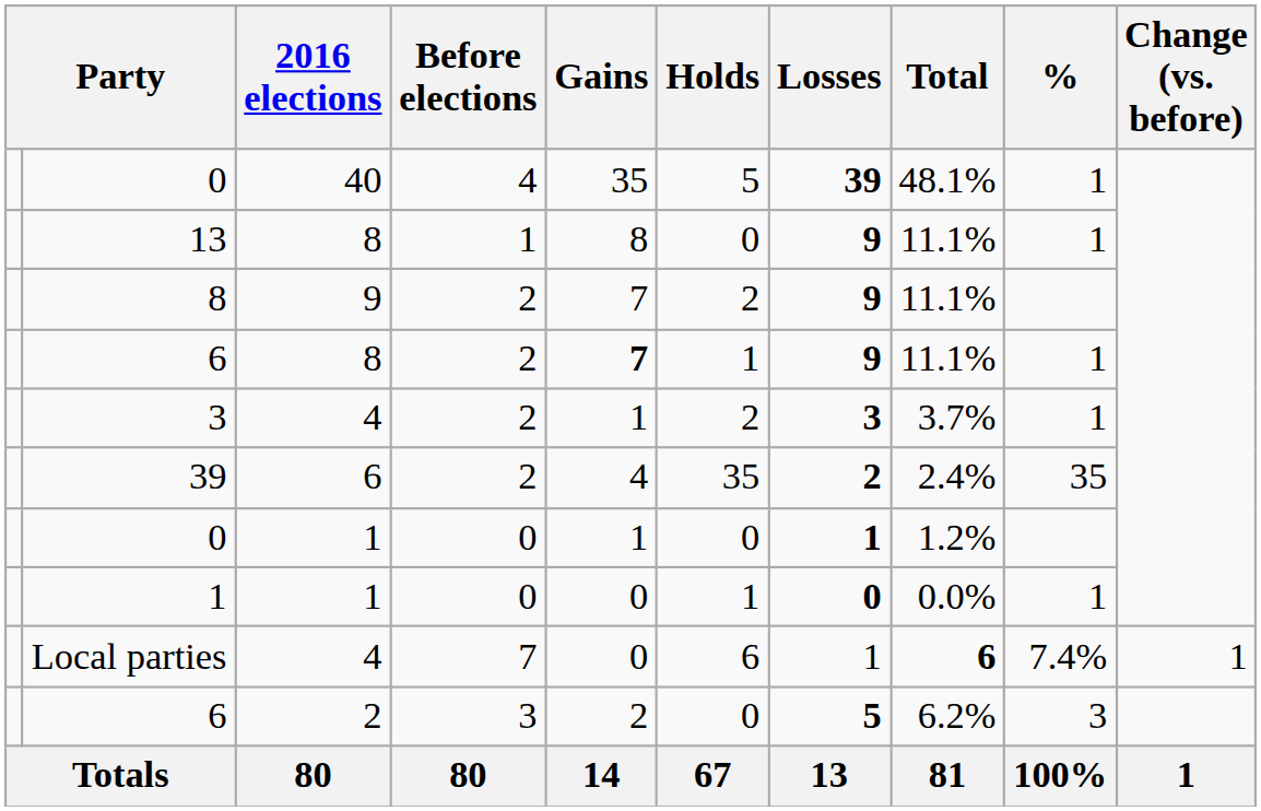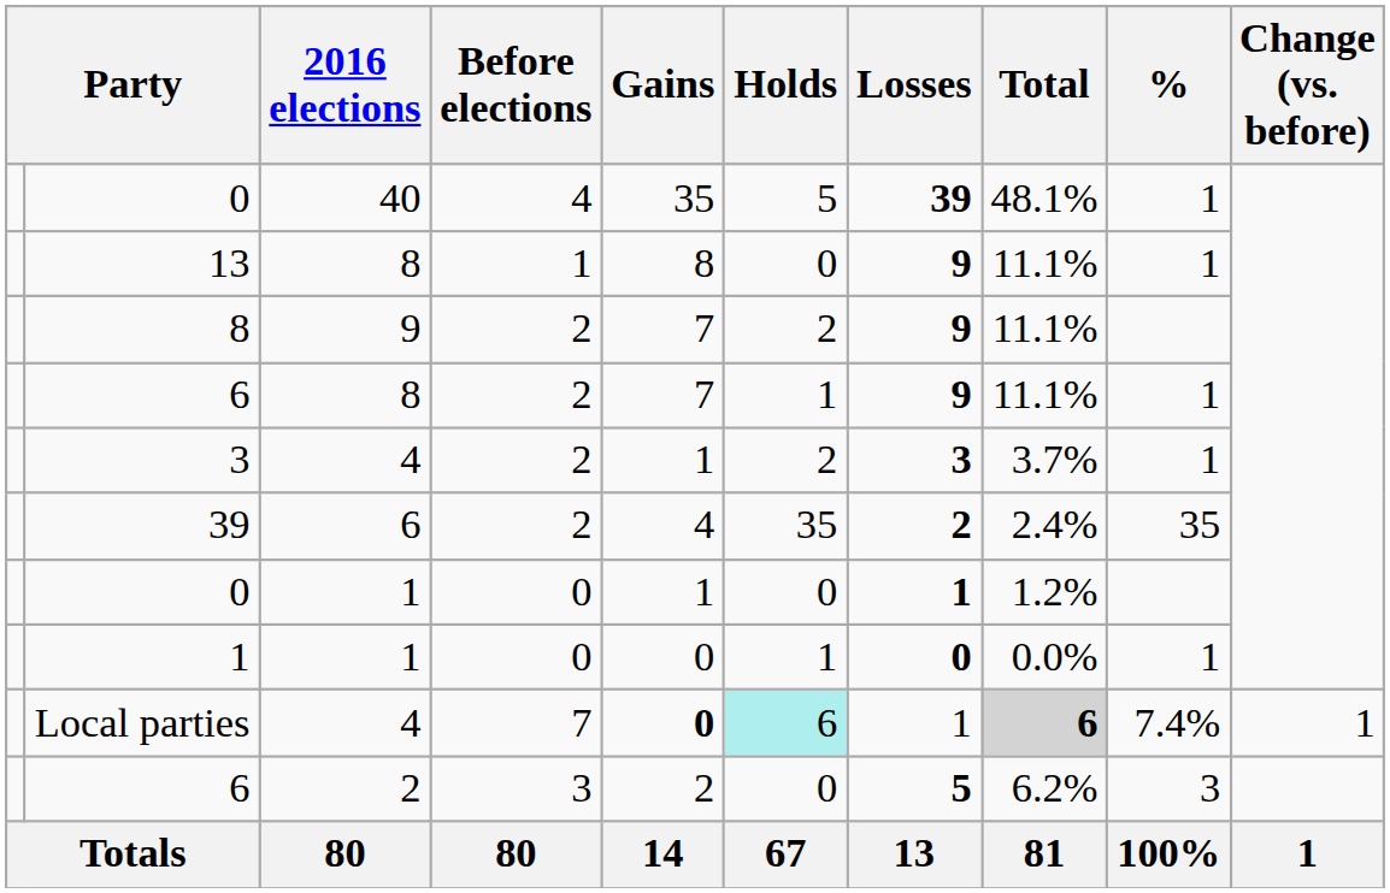 <table class=wikitable style="text-align:right">
 <tr>
 <th colspan=2>Party</th>
 <th width=40px><a href='#'>2016 elections</a></th>
 <th width=40px>Before elections</th>
 <th width=40px>Gains</th>
 <th width=40px>Holds</th>
 <th width=40px>Losses</th>
 <th width=40px>Total</th>
 <th width=40px>%</th>
 <th width=40px>Change (vs. before)</th>
 </tr>
 <tr>
 <td></td>
 <td>0</td>
 <td>40</td>
 <td>4</td>
 <td>35</td>
 <td>5</td>
 <td><strong>39</strong></td>
 <td>48.1%</td>
 <td> 1</td>
 </tr>
 <tr>
 <td></td>
 <td>13</td>
 <td>8</td>
 <td>1</td>
 <td>8</td>
 <td>0</td>
 <td><strong>9</strong></td>
 <td>11.1%</td>
 <td> 1</td>
 </tr>
 <tr>
 <td></td>
 <td>8</td>
 <td>9</td>
 <td>2</td>
 <td>7</td>
 <td>2</td>
 <td><strong>9</strong></td>
 <td>11.1%</td>
 <td></td>
 </tr>
 <tr>
 <td></td>
 <td>6</td>
 <td>8</td>
 <td>2</td>
-<td><strong>7</strong></td>
+<td>7</td>
 <td>1</td>
 <td><strong>9</strong></td>
 <td>11.1%</td>
 <td> 1</td>
 </tr>
 <tr>
 <td></td>
 <td>3</td>
 <td>4</td>
 <td>2</td>
 <td>1</td>
 <td>2</td>
 <td><strong>3</strong></td>
 <td>3.7%</td>
 <td> 1</td>
 </tr>
 <tr>
 <td></td>
 <td>39</td>
 <td>6</td>
 <td>2</td>
 <td>4</td>
 <td>35</td>
 <td><strong>2</strong></td>
 <td>2.4%</td>
 <td> 35</td>
 </tr>
 <tr>
 <td></td>
 <td>0</td>
 <td>1</td>
 <td>0</td>
 <td>1</td>
 <td>0</td>
 <td><strong>1</strong></td>
 <td>1.2%</td>
 <td></td>
 </tr>
 <tr>
 <td></td>
 <td>1</td>
 <td>1</td>
 <td>0</td>
 <td>0</td>
 <td>1</td>
 <td><strong>0</strong></td>
 <td>0.0%</td>
 <td> 1</td>
 </tr>
 <tr>
 <td></td>
 <td align=left>Local parties</td>
 <td>4</td>
 <td>7</td>
-<td>0</td>
-<td>6</td>
+<td><strong>0</strong></td>
+<td style="background: paleturquoise;">6</td>
 <td>1</td>
-<td><strong>6</strong></td>
+<td style="background: lightgrey;"><strong>6</strong></td>
 <td>7.4%</td>
 <td> 1</td>
 </tr>
 <tr>
 <td></td>
 <td>6</td>
 <td>2</td>
 <td>3</td>
 <td>2</td>
 <td>0</td>
 <td><strong>5</strong></td>
 <td>6.2%</td>
 <td> 3</td>
 </tr>
 <tr>
 <th colspan=2>Totals</th>
 <th>80</th>
 <th>80</th>
 <th>14</th>
 <th>67</th>
 <th>13</th>
 <th>81</th>
 <th>100%</th>
 <th> 1</th>
 </tr>
 </table>
